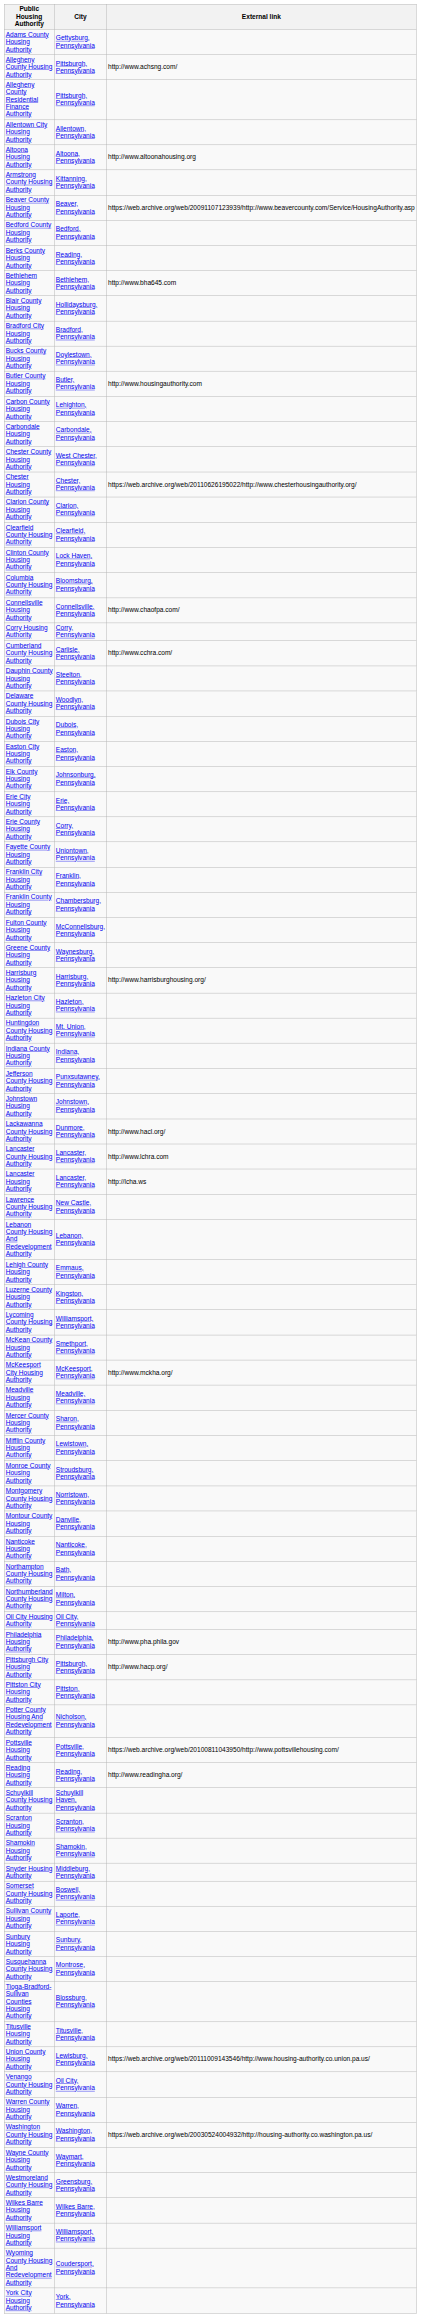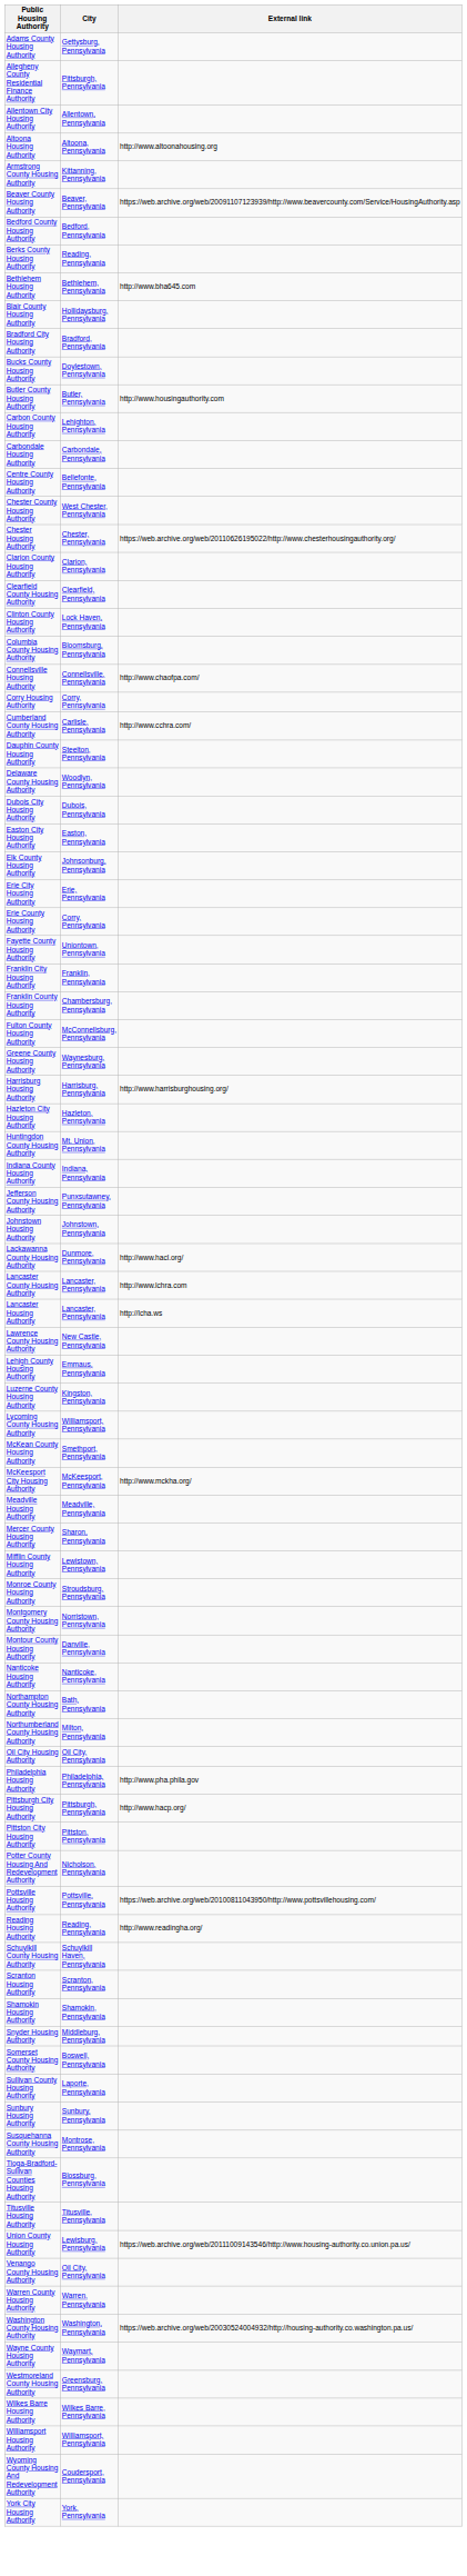 <table class="wikitable sortable" border="1">
 <tr>
 <th>Public Housing Authority</th>
 <th>City</th>
 <th class="unsortable">External link</th>
 </tr>
 <tr>
 <td><a href='#'>Adams County Housing Authority</a></td>
 <td><a href='#'>Gettysburg, Pennsylvania</a></td>
 <td></td>
-</tr>
-<tr>
-<td><a href='#'>Allegheny County Housing Authority</a></td>
-<td><a href='#'>Pittsburgh, Pennsylvania</a></td>
-<td>http://www.achsng.com/</td>
 </tr>
 <tr>
 <td><a href='#'>Allegheny County Residential Finance Authority</a></td>
 <td><a href='#'>Pittsburgh, Pennsylvania</a></td>
 <td></td>
 </tr>
 <tr>
 <td><a href='#'>Allentown City Housing Authority</a></td>
 <td><a href='#'>Allentown, Pennsylvania</a></td>
 <td></td>
 </tr>
 <tr>
 <td><a href='#'>Altoona Housing Authority</a></td>
 <td><a href='#'>Altoona, Pennsylvania</a></td>
 <td>http://www.altoonahousing.org</td>
 </tr>
 <tr>
 <td><a href='#'>Armstrong County Housing Authority</a></td>
 <td><a href='#'>Kittanning, Pennsylvania</a></td>
 <td></td>
 </tr>
 <tr>
 <td><a href='#'>Beaver County Housing Authority</a></td>
 <td><a href='#'>Beaver, Pennsylvania</a></td>
 <td>https://web.archive.org/web/20091107123939/http://www.beavercounty.com/Service/HousingAuthority.asp</td>
 </tr>
 <tr>
 <td><a href='#'>Bedford County Housing Authority</a></td>
 <td><a href='#'>Bedford, Pennsylvania</a></td>
 <td></td>
 </tr>
 <tr>
 <td><a href='#'>Berks County Housing Authority</a></td>
 <td><a href='#'>Reading, Pennsylvania</a></td>
 <td></td>
 </tr>
 <tr>
 <td><a href='#'>Bethlehem Housing Authority</a></td>
 <td><a href='#'>Bethlehem, Pennsylvania</a></td>
 <td>http://www.bha645.com</td>
 </tr>
 <tr>
 <td><a href='#'>Blair County Housing Authority</a></td>
 <td><a href='#'>Hollidaysburg, Pennsylvania</a></td>
 <td></td>
 </tr>
 <tr>
 <td><a href='#'>Bradford City Housing Authority</a></td>
 <td><a href='#'>Bradford, Pennsylvania</a></td>
 <td></td>
 </tr>
 <tr>
 <td><a href='#'>Bucks County Housing Authority</a></td>
 <td><a href='#'>Doylestown, Pennsylvania</a></td>
 <td></td>
 </tr>
 <tr>
 <td><a href='#'>Butler County Housing Authority</a></td>
 <td><a href='#'>Butler, Pennsylvania</a></td>
 <td>http://www.housingauthority.com</td>
 </tr>
 <tr>
 <td><a href='#'>Carbon County Housing Authority</a></td>
 <td><a href='#'>Lehighton, Pennsylvania</a></td>
 <td></td>
 </tr>
 <tr>
 <td><a href='#'>Carbondale Housing Authority</a></td>
 <td><a href='#'>Carbondale, Pennsylvania</a></td>
+<td></td>
+</tr>
+<tr>
+<td><a href='#'>Centre County Housing Authority</a></td>
+<td><a href='#'>Bellefonte, Pennsylvania</a></td>
 <td></td>
 </tr>
 <tr>
 <td><a href='#'>Chester County Housing Authority</a></td>
 <td><a href='#'>West Chester, Pennsylvania</a></td>
 <td></td>
 </tr>
 <tr>
 <td><a href='#'>Chester Housing Authority</a></td>
 <td><a href='#'>Chester, Pennsylvania</a></td>
 <td>https://web.archive.org/web/20110626195022/http://www.chesterhousingauthority.org/</td>
 </tr>
 <tr>
 <td><a href='#'>Clarion County Housing Authority</a></td>
 <td><a href='#'>Clarion, Pennsylvania</a></td>
 <td></td>
 </tr>
 <tr>
 <td><a href='#'>Clearfield County Housing Authority</a></td>
 <td><a href='#'>Clearfield, Pennsylvania</a></td>
 <td></td>
 </tr>
 <tr>
 <td><a href='#'>Clinton County Housing Authority</a></td>
 <td><a href='#'>Lock Haven, Pennsylvania</a></td>
 <td></td>
 </tr>
 <tr>
 <td><a href='#'>Columbia County Housing Authority</a></td>
 <td><a href='#'>Bloomsburg, Pennsylvania</a></td>
 <td></td>
 </tr>
 <tr>
 <td><a href='#'>Connellsville Housing Authority</a></td>
 <td><a href='#'>Connellsville, Pennsylvania</a></td>
 <td>http://www.chaofpa.com/</td>
 </tr>
 <tr>
 <td><a href='#'>Corry Housing Authority</a></td>
 <td><a href='#'>Corry, Pennsylvania</a></td>
 <td></td>
 </tr>
 <tr>
 <td><a href='#'>Cumberland County Housing Authority</a></td>
 <td><a href='#'>Carlisle, Pennsylvania</a></td>
 <td>http://www.cchra.com/</td>
 </tr>
 <tr>
 <td><a href='#'>Dauphin County Housing Authority</a></td>
 <td><a href='#'>Steelton, Pennsylvania</a></td>
 <td></td>
 </tr>
 <tr>
 <td><a href='#'>Delaware County Housing Authority</a></td>
 <td><a href='#'>Woodlyn, Pennsylvania</a></td>
 <td></td>
 </tr>
 <tr>
 <td><a href='#'>Dubois City Housing Authority</a></td>
 <td><a href='#'>Dubois, Pennsylvania</a></td>
 <td></td>
 </tr>
 <tr>
 <td><a href='#'>Easton City Housing Authority</a></td>
 <td><a href='#'>Easton, Pennsylvania</a></td>
 <td></td>
 </tr>
 <tr>
 <td><a href='#'>Elk County Housing Authority</a></td>
 <td><a href='#'>Johnsonburg, Pennsylvania</a></td>
 <td></td>
 </tr>
 <tr>
 <td><a href='#'>Erie City Housing Authority</a></td>
 <td><a href='#'>Erie, Pennsylvania</a></td>
 <td></td>
 </tr>
 <tr>
 <td><a href='#'>Erie County Housing Authority</a></td>
 <td><a href='#'>Corry, Pennsylvania</a></td>
 <td></td>
 </tr>
 <tr>
 <td><a href='#'>Fayette County Housing Authority</a></td>
 <td><a href='#'>Uniontown, Pennsylvania</a></td>
 <td></td>
 </tr>
 <tr>
 <td><a href='#'>Franklin City Housing Authority</a></td>
 <td><a href='#'>Franklin, Pennsylvania</a></td>
 <td></td>
 </tr>
 <tr>
 <td><a href='#'>Franklin County Housing Authority</a></td>
 <td><a href='#'>Chambersburg, Pennsylvania</a></td>
 <td></td>
 </tr>
 <tr>
 <td><a href='#'>Fulton County Housing Authority</a></td>
 <td><a href='#'>McConnellsburg, Pennsylvania</a></td>
 <td></td>
 </tr>
 <tr>
 <td><a href='#'>Greene County Housing Authority</a></td>
 <td><a href='#'>Waynesburg, Pennsylvania</a></td>
 <td></td>
 </tr>
 <tr>
 <td><a href='#'>Harrisburg Housing Authority</a></td>
 <td><a href='#'>Harrisburg, Pennsylvania</a></td>
 <td>http://www.harrisburghousing.org/</td>
 </tr>
 <tr>
 <td><a href='#'>Hazleton City Housing Authority</a></td>
 <td><a href='#'>Hazleton, Pennsylvania</a></td>
 <td></td>
 </tr>
 <tr>
 <td><a href='#'>Huntingdon County Housing Authority</a></td>
 <td><a href='#'>Mt. Union, Pennsylvania</a></td>
 <td></td>
 </tr>
 <tr>
 <td><a href='#'>Indiana County Housing Authority</a></td>
 <td><a href='#'>Indiana, Pennsylvania</a></td>
 <td></td>
 </tr>
 <tr>
 <td><a href='#'>Jefferson County Housing Authority</a></td>
 <td><a href='#'>Punxsutawney, Pennsylvania</a></td>
 <td></td>
 </tr>
 <tr>
 <td><a href='#'>Johnstown Housing Authority</a></td>
 <td><a href='#'>Johnstown, Pennsylvania</a></td>
 <td></td>
 </tr>
 <tr>
 <td><a href='#'>Lackawanna County Housing Authority</a></td>
 <td><a href='#'>Dunmore, Pennsylvania</a></td>
 <td>http://www.hacl.org/</td>
 </tr>
 <tr>
 <td><a href='#'>Lancaster County Housing Authority</a></td>
 <td><a href='#'>Lancaster, Pennsylvania</a></td>
 <td>http://www.lchra.com</td>
 </tr>
 <tr>
 <td><a href='#'>Lancaster Housing Authority</a></td>
 <td><a href='#'>Lancaster, Pennsylvania</a></td>
 <td>http://lcha.ws</td>
 </tr>
 <tr>
 <td><a href='#'>Lawrence County Housing Authority</a></td>
 <td><a href='#'>New Castle, Pennsylvania</a></td>
-<td></td>
-</tr>
-<tr>
-<td><a href='#'>Lebanon County Housing And Redevelopment Authority</a></td>
-<td><a href='#'>Lebanon, Pennsylvania</a></td>
 <td></td>
 </tr>
 <tr>
 <td><a href='#'>Lehigh County Housing Authority</a></td>
 <td><a href='#'>Emmaus, Pennsylvania</a></td>
 <td></td>
 </tr>
 <tr>
 <td><a href='#'>Luzerne County Housing Authority</a></td>
 <td><a href='#'>Kingston, Pennsylvania</a></td>
 <td></td>
 </tr>
 <tr>
 <td><a href='#'>Lycoming County Housing Authority</a></td>
 <td><a href='#'>Williamsport, Pennsylvania</a></td>
 <td></td>
 </tr>
 <tr>
 <td><a href='#'>McKean County Housing Authority</a></td>
 <td><a href='#'>Smethport, Pennsylvania</a></td>
 <td></td>
 </tr>
 <tr>
 <td><a href='#'>McKeesport City Housing Authority</a></td>
 <td><a href='#'>McKeesport, Pennsylvania</a></td>
 <td>http://www.mckha.org/</td>
 </tr>
 <tr>
 <td><a href='#'>Meadville Housing Authority</a></td>
 <td><a href='#'>Meadville, Pennsylvania</a></td>
 <td></td>
 </tr>
 <tr>
 <td><a href='#'>Mercer County Housing Authority</a></td>
 <td><a href='#'>Sharon, Pennsylvania</a></td>
 <td></td>
 </tr>
 <tr>
 <td><a href='#'>Mifflin County Housing Authority</a></td>
 <td><a href='#'>Lewistown, Pennsylvania</a></td>
 <td></td>
 </tr>
 <tr>
 <td><a href='#'>Monroe County Housing Authority</a></td>
 <td><a href='#'>Stroudsburg, Pennsylvania</a></td>
 <td></td>
 </tr>
 <tr>
 <td><a href='#'>Montgomery County Housing Authority</a></td>
 <td><a href='#'>Norristown, Pennsylvania</a></td>
 <td></td>
 </tr>
 <tr>
 <td><a href='#'>Montour County Housing Authority</a></td>
 <td><a href='#'>Danville, Pennsylvania</a></td>
 <td></td>
 </tr>
 <tr>
 <td><a href='#'>Nanticoke Housing Authority</a></td>
 <td><a href='#'>Nanticoke, Pennsylvania</a></td>
 <td></td>
 </tr>
 <tr>
 <td><a href='#'>Northampton County Housing Authority</a></td>
 <td><a href='#'>Bath, Pennsylvania</a></td>
 <td></td>
 </tr>
 <tr>
 <td><a href='#'>Northumberland County Housing Authority</a></td>
 <td><a href='#'>Milton, Pennsylvania</a></td>
 <td></td>
 </tr>
 <tr>
 <td><a href='#'>Oil City Housing Authority</a></td>
 <td><a href='#'>Oil City, Pennsylvania</a></td>
 <td></td>
 </tr>
 <tr>
 <td><a href='#'>Philadelphia Housing Authority</a></td>
 <td><a href='#'>Philadelphia, Pennsylvania</a></td>
 <td>http://www.pha.phila.gov</td>
 </tr>
 <tr>
 <td><a href='#'>Pittsburgh City Housing Authority</a></td>
 <td><a href='#'>Pittsburgh, Pennsylvania</a></td>
 <td>http://www.hacp.org/</td>
 </tr>
 <tr>
 <td><a href='#'>Pittston City Housing Authority</a></td>
 <td><a href='#'>Pittston, Pennsylvania</a></td>
 <td></td>
 </tr>
 <tr>
 <td><a href='#'>Potter County Housing And Redevelopment Authority</a></td>
 <td><a href='#'>Nicholson, Pennsylvania</a></td>
 <td></td>
 </tr>
 <tr>
 <td><a href='#'>Pottsville Housing Authority</a></td>
 <td><a href='#'>Pottsville, Pennsylvania</a></td>
 <td>https://web.archive.org/web/20100811043950/http://www.pottsvillehousing.com/</td>
 </tr>
 <tr>
 <td><a href='#'>Reading Housing Authority</a></td>
 <td><a href='#'>Reading, Pennsylvania</a></td>
 <td>http://www.readingha.org/</td>
 </tr>
 <tr>
 <td><a href='#'>Schuylkill County Housing Authority</a></td>
 <td><a href='#'>Schuylkill Haven, Pennsylvania</a></td>
 <td></td>
 </tr>
 <tr>
 <td><a href='#'>Scranton Housing Authority</a></td>
 <td><a href='#'>Scranton, Pennsylvania</a></td>
 <td></td>
 </tr>
 <tr>
 <td><a href='#'>Shamokin Housing Authority</a></td>
 <td><a href='#'>Shamokin, Pennsylvania</a></td>
 <td></td>
 </tr>
 <tr>
 <td><a href='#'>Snyder Housing Authority</a></td>
 <td><a href='#'>Middleburg, Pennsylvania</a></td>
 <td></td>
 </tr>
 <tr>
 <td><a href='#'>Somerset County Housing Authority</a></td>
 <td><a href='#'>Boswell, Pennsylvania</a></td>
 <td></td>
 </tr>
 <tr>
 <td><a href='#'>Sullivan County Housing Authority</a></td>
 <td><a href='#'>Laporte, Pennsylvania</a></td>
 <td></td>
 </tr>
 <tr>
 <td><a href='#'>Sunbury Housing Authority</a></td>
 <td><a href='#'>Sunbury, Pennsylvania</a></td>
 <td></td>
 </tr>
 <tr>
 <td><a href='#'>Susquehanna County Housing Authority</a></td>
 <td><a href='#'>Montrose, Pennsylvania</a></td>
 <td></td>
 </tr>
 <tr>
 <td><a href='#'>Tioga-Bradford-Sullivan Counties Housing Authority</a></td>
 <td><a href='#'>Blossburg, Pennsylvania</a></td>
 <td></td>
 </tr>
 <tr>
 <td><a href='#'>Titusville Housing Authority</a></td>
 <td><a href='#'>Titusville, Pennsylvania</a></td>
 <td></td>
 </tr>
 <tr>
 <td><a href='#'>Union County Housing Authority</a></td>
 <td><a href='#'>Lewisburg, Pennsylvania</a></td>
 <td>https://web.archive.org/web/20111009143546/http://www.housing-authority.co.union.pa.us/</td>
 </tr>
 <tr>
 <td><a href='#'>Venango County Housing Authority</a></td>
 <td><a href='#'>Oil City, Pennsylvania</a></td>
 <td></td>
 </tr>
 <tr>
 <td><a href='#'>Warren County Housing Authority</a></td>
 <td><a href='#'>Warren, Pennsylvania</a></td>
 <td></td>
 </tr>
 <tr>
 <td><a href='#'>Washington County Housing Authority</a></td>
 <td><a href='#'>Washington, Pennsylvania</a></td>
 <td>https://web.archive.org/web/20030524004932/http://housing-authority.co.washington.pa.us/</td>
 </tr>
 <tr>
 <td><a href='#'>Wayne County Housing Authority</a></td>
 <td><a href='#'>Waymart, Pennsylvania</a></td>
 <td></td>
 </tr>
 <tr>
 <td><a href='#'>Westmoreland County Housing Authority</a></td>
 <td><a href='#'>Greensburg, Pennsylvania</a></td>
 <td></td>
 </tr>
 <tr>
 <td><a href='#'>Wilkes Barre Housing Authority</a></td>
 <td><a href='#'>Wilkes Barre, Pennsylvania</a></td>
 <td></td>
 </tr>
 <tr>
 <td><a href='#'>Williamsport Housing Authority</a></td>
 <td><a href='#'>Williamsport, Pennsylvania</a></td>
 <td></td>
 </tr>
 <tr>
 <td><a href='#'>Wyoming County Housing And Redevelopment Authority</a></td>
 <td><a href='#'>Coudersport, Pennsylvania</a></td>
 <td></td>
 </tr>
 <tr>
 <td><a href='#'>York City Housing Authority</a></td>
 <td><a href='#'>York, Pennsylvania</a></td>
 <td></td>
 </tr>
 </table>
